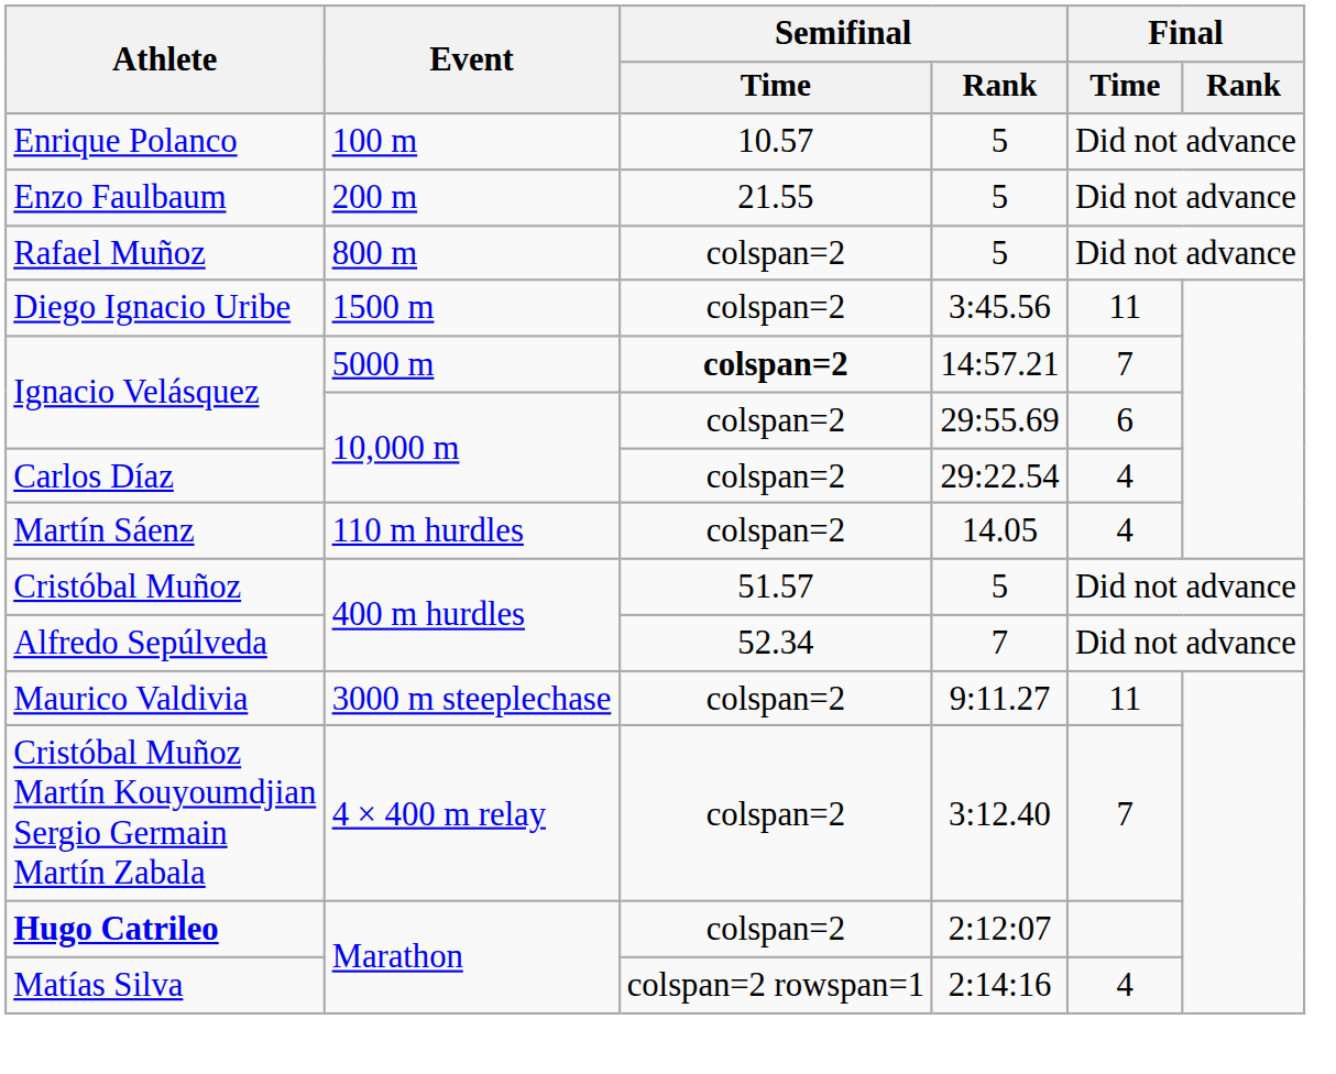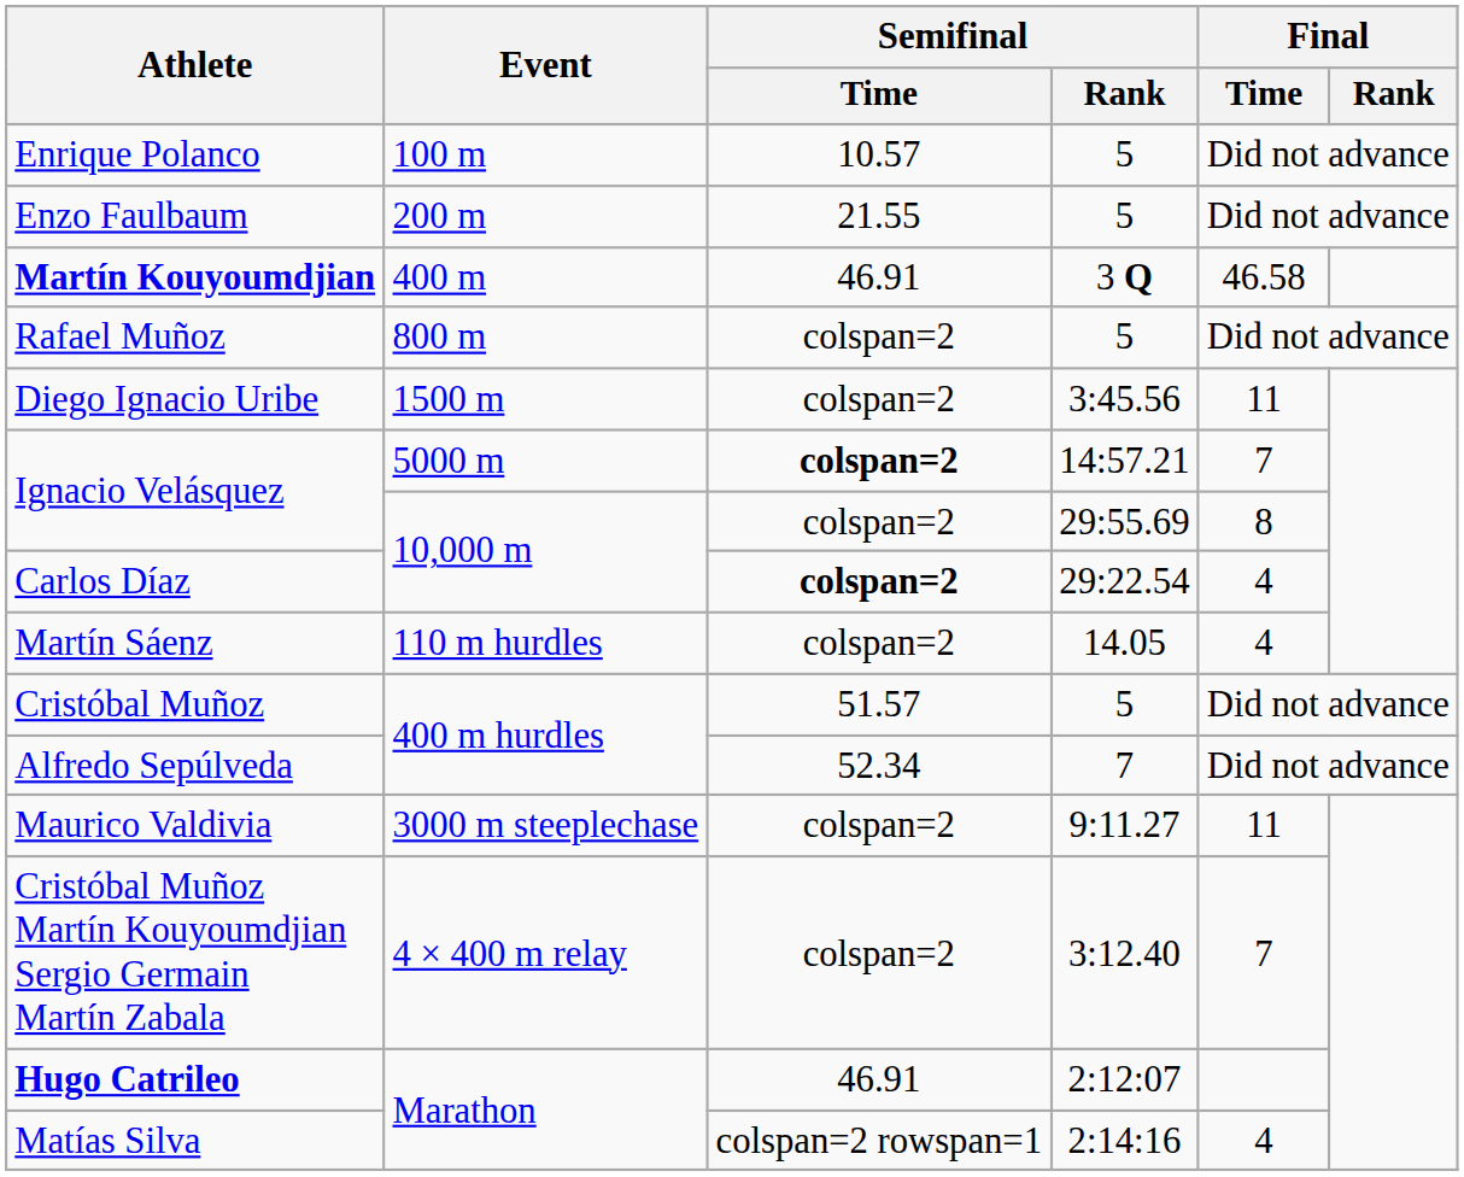 <table class=wikitable style=font-size:90%;text-align:center>
 <tr>
 <th rowspan=2>Athlete</th>
 <th rowspan=2>Event</th>
 <th colspan=2>Semifinal</th>
 <th colspan=2>Final</th>
 </tr>
 <tr style=font-size:95%>
 <th>Time</th>
 <th>Rank</th>
 <th>Time</th>
 <th>Rank</th>
 </tr>
 <tr style="text-align:center">
 <td style="text-align:left"><a href='#'>Enrique Polanco</a></td>
 <td style="text-align:left"><a href='#'>100 m</a></td>
 <td>10.57</td>
 <td>5</td>
 <td colspan="2">Did not advance</td>
 </tr>
 <tr style="text-align:center">
 <td style="text-align:left"><a href='#'>Enzo Faulbaum</a></td>
 <td style="text-align:left"><a href='#'>200 m</a></td>
 <td>21.55</td>
 <td>5</td>
 <td colspan="2">Did not advance</td>
 </tr>
 <tr style="text-align:center">
+<td style="text-align:left"><strong><a href='#'>Martín Kouyoumdjian</a></strong></td>
+<td style="text-align:left"><a href='#'>400 m</a></td>
+<td>46.91</td>
+<td>3 <strong>Q</strong></td>
+<td>46.58</td>
+<td></td>
+</tr>
+<tr style="text-align:center">
 <td style="text-align:left"><a href='#'>Rafael Muñoz</a></td>
 <td style="text-align:left"><a href='#'>800 m</a></td>
 <td>colspan=2 </td>
 <td>5</td>
 <td colspan="2">Did not advance</td>
 </tr>
 <tr style="text-align:center">
 <td style="text-align:left"><a href='#'>Diego Ignacio Uribe</a></td>
 <td style="text-align:left"><a href='#'>1500 m</a></td>
 <td>colspan=2 </td>
 <td>3:45.56</td>
 <td>11</td>
 </tr>
 <tr style="text-align:center">
 <td style="text-align:left" rowspan="2"><a href='#'>Ignacio Velásquez</a></td>
 <td style="text-align:left"><a href='#'>5000 m</a></td>
 <td><strong>colspan=2 </strong></td>
 <td>14:57.21</td>
 <td>7</td>
 </tr>
 <tr style="text-align:center">
 <td style="text-align:left" rowspan=2><a href='#'>10,000 m</a></td>
 <td>colspan=2 </td>
 <td>29:55.69</td>
-<td>6</td>
+<td>8</td>
 </tr>
 <tr style="text-align:center">
 <td style="text-align:left"><a href='#'>Carlos Díaz</a></td>
-<td>colspan=2 </td>
+<td><strong>colspan=2 </strong></td>
 <td>29:22.54</td>
 <td>4</td>
 </tr>
 <tr style="text-align:center">
 <td style="text-align:left"><a href='#'>Martín Sáenz</a></td>
 <td style="text-align:left"><a href='#'>110 m hurdles</a></td>
 <td>colspan=2 </td>
 <td>14.05</td>
 <td>4</td>
 </tr>
 <tr style="text-align:center">
 <td style="text-align:left"><a href='#'>Cristóbal Muñoz</a></td>
 <td style="text-align:left" rowspan=2><a href='#'>400 m hurdles</a></td>
 <td>51.57</td>
 <td>5</td>
 <td colspan="2">Did not advance</td>
 </tr>
 <tr style="text-align:center">
 <td style="text-align:left"><a href='#'>Alfredo Sepúlveda</a></td>
 <td>52.34</td>
 <td>7</td>
 <td colspan="2">Did not advance</td>
 </tr>
 <tr style="text-align:center">
 <td style="text-align:left"><a href='#'>Maurico Valdivia</a></td>
 <td style="text-align:left"><a href='#'>3000 m steeplechase</a></td>
 <td>colspan=2 </td>
 <td>9:11.27</td>
 <td>11</td>
 </tr>
 <tr style="text-align:center">
 <td style="text-align:left"><a href='#'>Cristóbal Muñoz</a><br><a href='#'>Martín Kouyoumdjian</a><br><a href='#'>Sergio Germain</a><br><a href='#'>Martín Zabala</a></td>
 <td style="text-align:left"><a href='#'>4 × 400 m relay</a></td>
 <td>colspan=2 </td>
 <td>3:12.40</td>
 <td>7</td>
 </tr>
 <tr style="text-align:center">
 <td style="text-align:left"><strong><a href='#'>Hugo Catrileo</a></strong></td>
 <td style="text-align:left" rowspan=2><a href='#'>Marathon</a></td>
-<td>colspan=2 </td>
+<td>46.91</td>
 <td>2:12:07</td>
 <td></td>
 </tr>
 <tr style="text-align:center">
 <td style="text-align:left"><a href='#'>Matías Silva</a></td>
 <td>colspan=2 rowspan=1 </td>
 <td>2:14:16</td>
 <td>4</td>
 </tr>
 </table>
